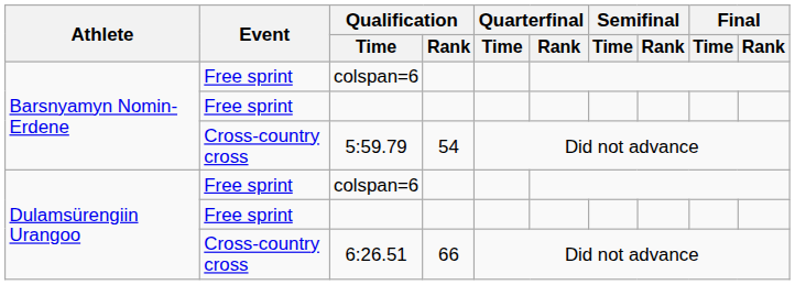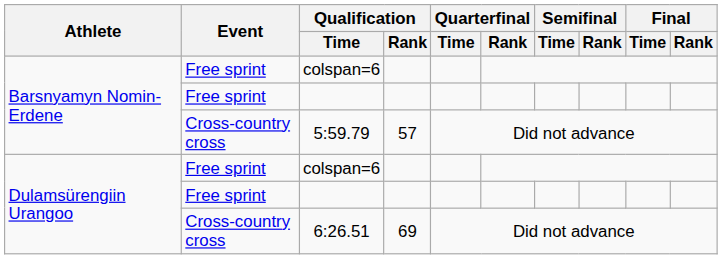 <table class="wikitable" style="font-size:90%">
 <tr>
 <th rowspan="2">Athlete</th>
 <th rowspan="2">Event</th>
 <th colspan="2">Qualification</th>
 <th colspan="2">Quarterfinal</th>
 <th colspan="2">Semifinal</th>
 <th colspan="2">Final</th>
 </tr>
 <tr style="font-size:95%">
 <th>Time</th>
 <th>Rank</th>
 <th>Time</th>
 <th>Rank</th>
 <th>Time</th>
 <th>Rank</th>
 <th>Time</th>
 <th>Rank</th>
 </tr>
 <tr align=center>
 <td align=left rowspan=3><a href='#'>Barsnyamyn Nomin-Erdene</a></td>
 <td align=left><a href='#'>Free sprint</a></td>
 <td>colspan=6 </td>
 <td></td>
 <td></td>
 </tr>
 <tr align=center>
 <td align=left><a href='#'>Free sprint</a></td>
 <td></td>
 <td></td>
 <td></td>
 <td></td>
 <td></td>
 <td></td>
 <td></td>
 <td></td>
 </tr>
 <tr align=center>
 <td align=left><a href='#'>Cross-country cross</a></td>
 <td>5:59.79</td>
-<td>54</td>
+<td>57</td>
 <td colspan="6">Did not advance</td>
 </tr>
 <tr align=center>
 <td align=left rowspan=3><a href='#'>Dulamsürengiin Urangoo</a></td>
 <td align=left><a href='#'>Free sprint</a></td>
 <td>colspan=6 </td>
 <td></td>
 <td></td>
 </tr>
 <tr align=center>
 <td align=left><a href='#'>Free sprint</a></td>
 <td></td>
 <td></td>
 <td></td>
 <td></td>
 <td></td>
 <td></td>
 <td></td>
 <td></td>
 </tr>
 <tr align=center>
 <td align=left><a href='#'>Cross-country cross</a></td>
 <td>6:26.51</td>
-<td>66</td>
+<td>69</td>
 <td colspan="6">Did not advance</td>
 </tr>
 </table>
